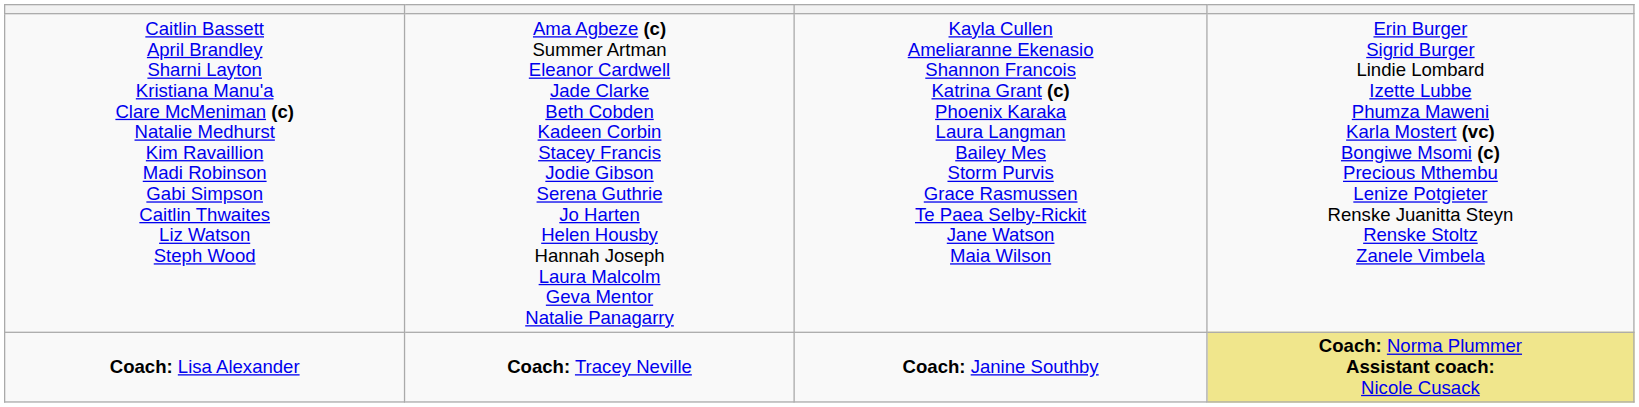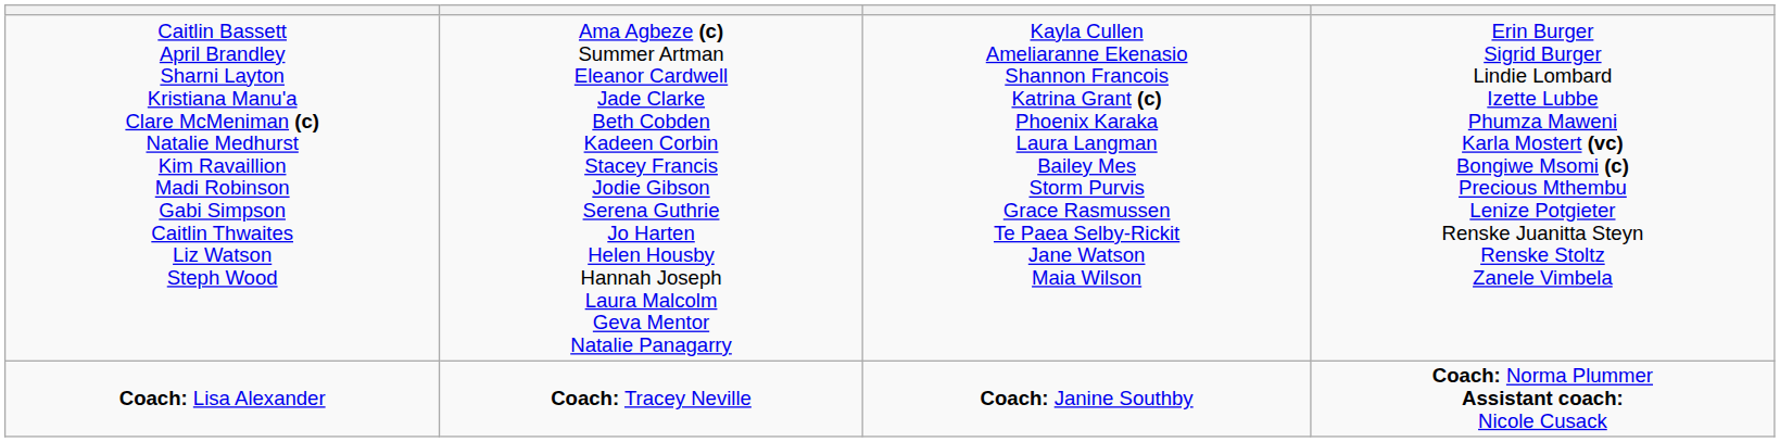 <table class=wikitable width=100% style="text-align:center; font-size:90%">
 <tr>
 <th></th>
 <th></th>
 <th></th>
 <th></th>
 </tr>
 <tr valign=top>
 <td><a href='#'>Caitlin Bassett</a><br><a href='#'>April Brandley</a><br><a href='#'>Sharni Layton</a><br><a href='#'>Kristiana Manu'a</a><br><a href='#'>Clare McMeniman</a> <strong>(c)</strong><br><a href='#'>Natalie Medhurst</a><br><a href='#'>Kim Ravaillion</a><br><a href='#'>Madi Robinson</a><br><a href='#'>Gabi Simpson</a><br><a href='#'>Caitlin Thwaites</a><br><a href='#'>Liz Watson</a><br><a href='#'>Steph Wood</a></td>
 <td><a href='#'>Ama Agbeze</a> <strong>(c)</strong><br>Summer Artman<br><a href='#'>Eleanor Cardwell</a><br><a href='#'>Jade Clarke</a><br><a href='#'>Beth Cobden</a><br><a href='#'>Kadeen Corbin</a><br><a href='#'>Stacey Francis</a><br><a href='#'>Jodie Gibson</a><br><a href='#'>Serena Guthrie</a><br><a href='#'>Jo Harten</a><br><a href='#'>Helen Housby</a><br>Hannah Joseph<br><a href='#'>Laura Malcolm</a><br><a href='#'>Geva Mentor</a><br><a href='#'>Natalie Panagarry</a></td>
 <td><a href='#'>Kayla Cullen</a><br><a href='#'>Ameliaranne Ekenasio</a><br><a href='#'>Shannon Francois</a><br><a href='#'>Katrina Grant</a> <strong>(c)</strong><br><a href='#'>Phoenix Karaka</a><br><a href='#'>Laura Langman</a><br><a href='#'>Bailey Mes</a><br><a href='#'>Storm Purvis</a><br><a href='#'>Grace Rasmussen</a><br><a href='#'>Te Paea Selby-Rickit</a><br><a href='#'>Jane Watson</a><br><a href='#'>Maia Wilson</a></td>
 <td><a href='#'>Erin Burger</a><br><a href='#'>Sigrid Burger</a><br>Lindie Lombard<br><a href='#'>Izette Lubbe</a><br><a href='#'>Phumza Maweni</a><br><a href='#'>Karla Mostert</a> <strong>(vc)</strong><br><a href='#'>Bongiwe Msomi</a> <strong>(c)</strong><br><a href='#'>Precious Mthembu</a><br><a href='#'>Lenize Potgieter</a><br>Renske Juanitta Steyn<br><a href='#'>Renske Stoltz</a><br><a href='#'>Zanele Vimbela</a></td>
 </tr>
 <tr>
 <td> <strong>Coach:</strong> <a href='#'>Lisa Alexander</a></td>
 <td> <strong>Coach:</strong> <a href='#'>Tracey Neville</a></td>
 <td> <strong>Coach:</strong> <a href='#'>Janine Southby</a></td>
-<td style="background: khaki;"> <strong>Coach:</strong> <a href='#'>Norma Plummer</a><br><strong>Assistant coach:</strong> <br><a href='#'>Nicole Cusack</a></td>
+<td> <strong>Coach:</strong> <a href='#'>Norma Plummer</a><br><strong>Assistant coach:</strong> <br><a href='#'>Nicole Cusack</a></td>
 </tr>
 </table>
